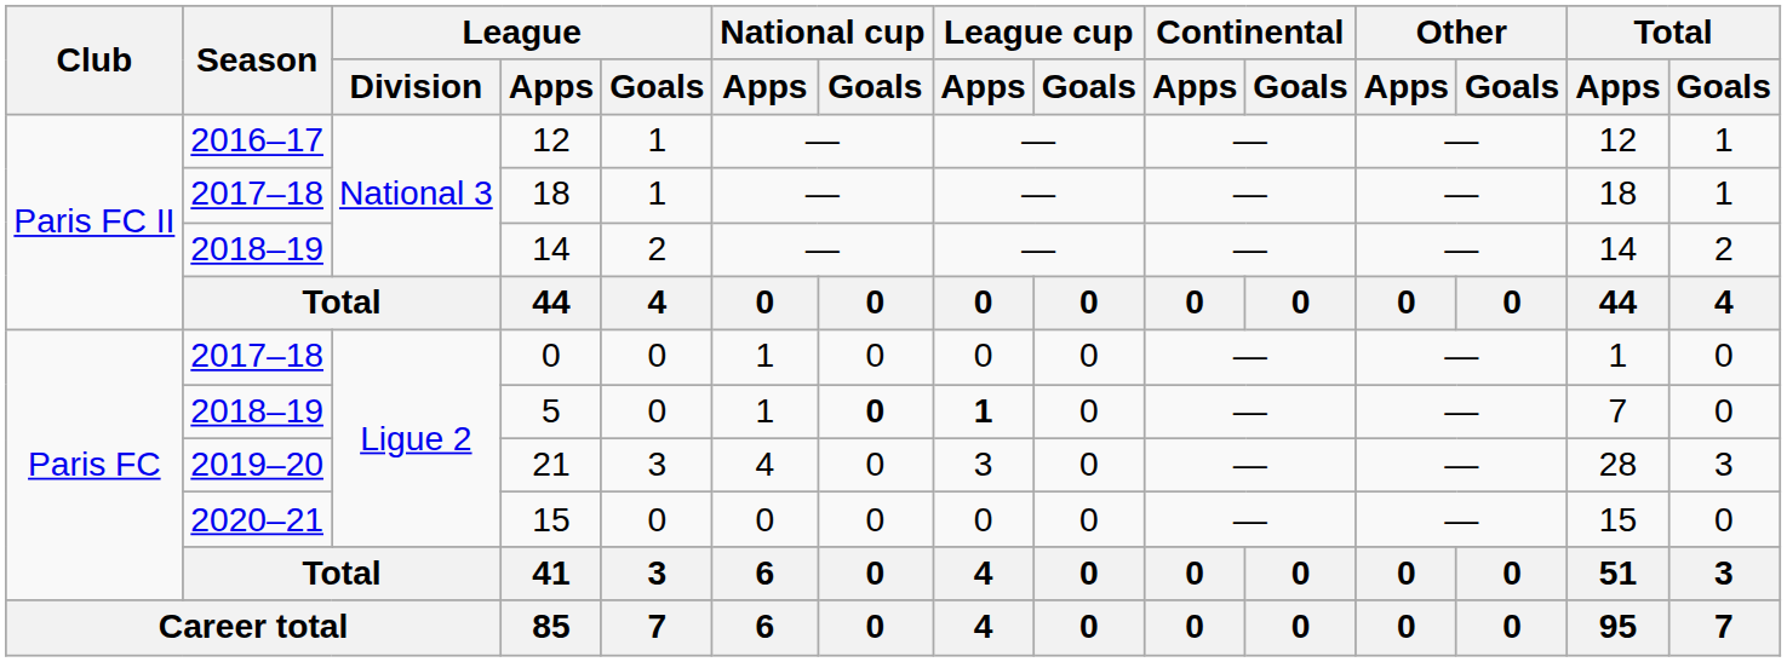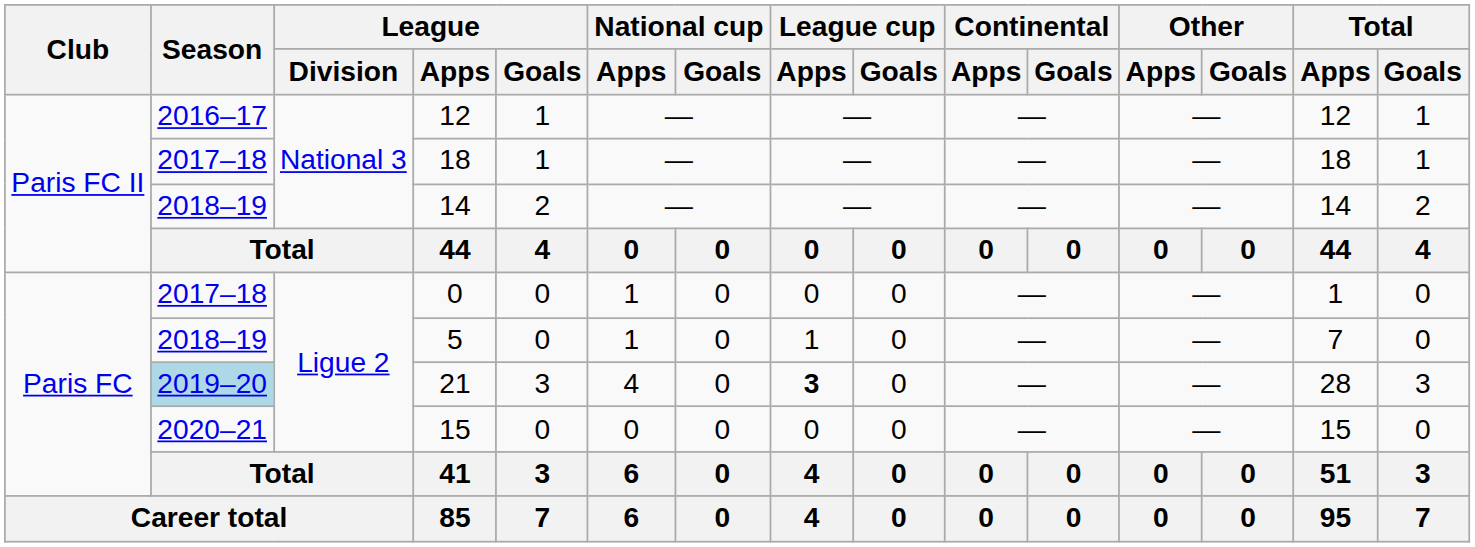 <table class="wikitable" style="text-align:center">
 <tr>
 <th rowspan="2">Club</th>
 <th rowspan="2">Season</th>
 <th colspan="3">League</th>
 <th colspan="2">National cup</th>
 <th colspan="2">League cup</th>
 <th colspan="2">Continental</th>
 <th colspan="2">Other</th>
 <th colspan="2">Total</th>
 </tr>
 <tr>
 <th>Division</th>
 <th>Apps</th>
 <th>Goals</th>
 <th>Apps</th>
 <th>Goals</th>
 <th>Apps</th>
 <th>Goals</th>
 <th>Apps</th>
 <th>Goals</th>
 <th>Apps</th>
 <th>Goals</th>
 <th>Apps</th>
 <th>Goals</th>
 </tr>
 <tr>
 <td rowspan="4"><a href='#'>Paris FC II</a></td>
 <td><a href='#'>2016–17</a></td>
 <td rowspan="3"><a href='#'>National 3</a></td>
 <td>12</td>
 <td>1</td>
 <td colspan="2">—</td>
 <td colspan="2">—</td>
 <td colspan="2">—</td>
 <td colspan="2">—</td>
 <td>12</td>
 <td>1</td>
 </tr>
 <tr>
 <td><a href='#'>2017–18</a></td>
 <td>18</td>
 <td>1</td>
 <td colspan="2">—</td>
 <td colspan="2">—</td>
 <td colspan="2">—</td>
 <td colspan="2">—</td>
 <td>18</td>
 <td>1</td>
 </tr>
 <tr>
 <td><a href='#'>2018–19</a></td>
 <td>14</td>
 <td>2</td>
 <td colspan="2">—</td>
 <td colspan="2">—</td>
 <td colspan="2">—</td>
 <td colspan="2">—</td>
 <td>14</td>
 <td>2</td>
 </tr>
 <tr>
 <th colspan="2">Total</th>
 <th>44</th>
 <th>4</th>
 <th>0</th>
 <th>0</th>
 <th>0</th>
 <th>0</th>
 <th>0</th>
 <th>0</th>
 <th>0</th>
 <th>0</th>
 <th>44</th>
 <th>4</th>
 </tr>
 <tr>
 <td rowspan="5"><a href='#'>Paris FC</a></td>
 <td><a href='#'>2017–18</a></td>
 <td rowspan="4"><a href='#'>Ligue 2</a></td>
 <td>0</td>
 <td>0</td>
 <td>1</td>
 <td>0</td>
 <td>0</td>
 <td>0</td>
 <td colspan="2">—</td>
 <td colspan="2">—</td>
 <td>1</td>
 <td>0</td>
 </tr>
 <tr>
 <td><a href='#'>2018–19</a></td>
 <td>5</td>
 <td>0</td>
 <td>1</td>
-<td><strong>0</strong></td>
-<td><strong>1</strong></td>
+<td>0</td>
+<td>1</td>
 <td>0</td>
 <td colspan="2">—</td>
 <td colspan="2">—</td>
 <td>7</td>
 <td>0</td>
 </tr>
 <tr>
-<td><a href='#'>2019–20</a></td>
+<td style="background: lightblue;"><a href='#'>2019–20</a></td>
 <td>21</td>
 <td>3</td>
 <td>4</td>
 <td>0</td>
-<td>3</td>
+<td><strong>3</strong></td>
 <td>0</td>
 <td colspan="2">—</td>
 <td colspan="2">—</td>
 <td>28</td>
 <td>3</td>
 </tr>
 <tr>
 <td><a href='#'>2020–21</a></td>
 <td>15</td>
 <td>0</td>
 <td>0</td>
 <td>0</td>
 <td>0</td>
 <td>0</td>
 <td colspan="2">—</td>
 <td colspan="2">—</td>
 <td>15</td>
 <td>0</td>
 </tr>
 <tr>
 <th colspan="2">Total</th>
 <th>41</th>
 <th>3</th>
 <th>6</th>
 <th>0</th>
 <th>4</th>
 <th>0</th>
 <th>0</th>
 <th>0</th>
 <th>0</th>
 <th>0</th>
 <th>51</th>
 <th>3</th>
 </tr>
 <tr>
 <th colspan="3">Career total</th>
 <th>85</th>
 <th>7</th>
 <th>6</th>
 <th>0</th>
 <th>4</th>
 <th>0</th>
 <th>0</th>
 <th>0</th>
 <th>0</th>
 <th>0</th>
 <th>95</th>
 <th>7</th>
 </tr>
 </table>
